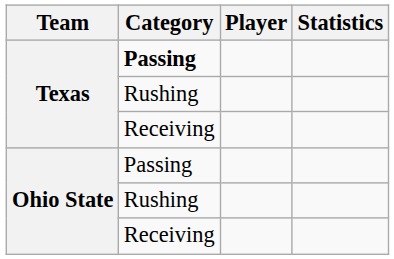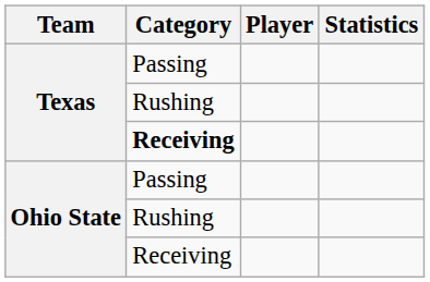 <table class="wikitable" style="float:right">
 <tr>
 <th>Team</th>
 <th>Category</th>
 <th>Player</th>
 <th>Statistics</th>
 </tr>
 <tr>
 <th rowspan=3>Texas</th>
-<td><strong>Passing</strong></td>
+<td>Passing</td>
 <td></td>
 <td></td>
 </tr>
 <tr>
 <td>Rushing</td>
 <td></td>
 <td></td>
 </tr>
 <tr>
-<td>Receiving</td>
+<td><strong>Receiving</strong></td>
 <td></td>
 <td></td>
 </tr>
 <tr>
 <th rowspan=3>Ohio State</th>
 <td>Passing</td>
 <td></td>
 <td></td>
 </tr>
 <tr>
 <td>Rushing</td>
 <td></td>
 <td></td>
 </tr>
 <tr>
 <td>Receiving</td>
 <td></td>
 <td></td>
 </tr>
 </table>
